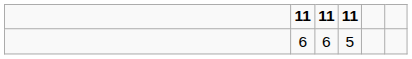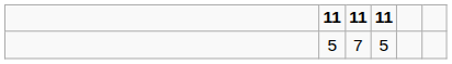 <table class="wikitable">
 <tr>
 <td style="width:18em"></td>
 <td align=center style="width:1em"><strong>11</strong></td>
 <td align=center style="width:1em"><strong>11</strong></td>
 <td align=center style="width:1em"><strong>11</strong></td>
 <td align=center style="width:1em"></td>
 <td align=center style="width:1em"></td>
 </tr>
 <tr>
 <td style="width:18em"></td>
-<td align=center style="width:1em">6</td>
-<td align=center style="width:1em">6</td>
+<td align=center style="width:1em">5</td>
+<td align=center style="width:1em">7</td>
 <td align=center style="width:1em">5</td>
 <td align=center style="width:1em"></td>
 <td align=center style="width:1em"></td>
 </tr>
 </table>
